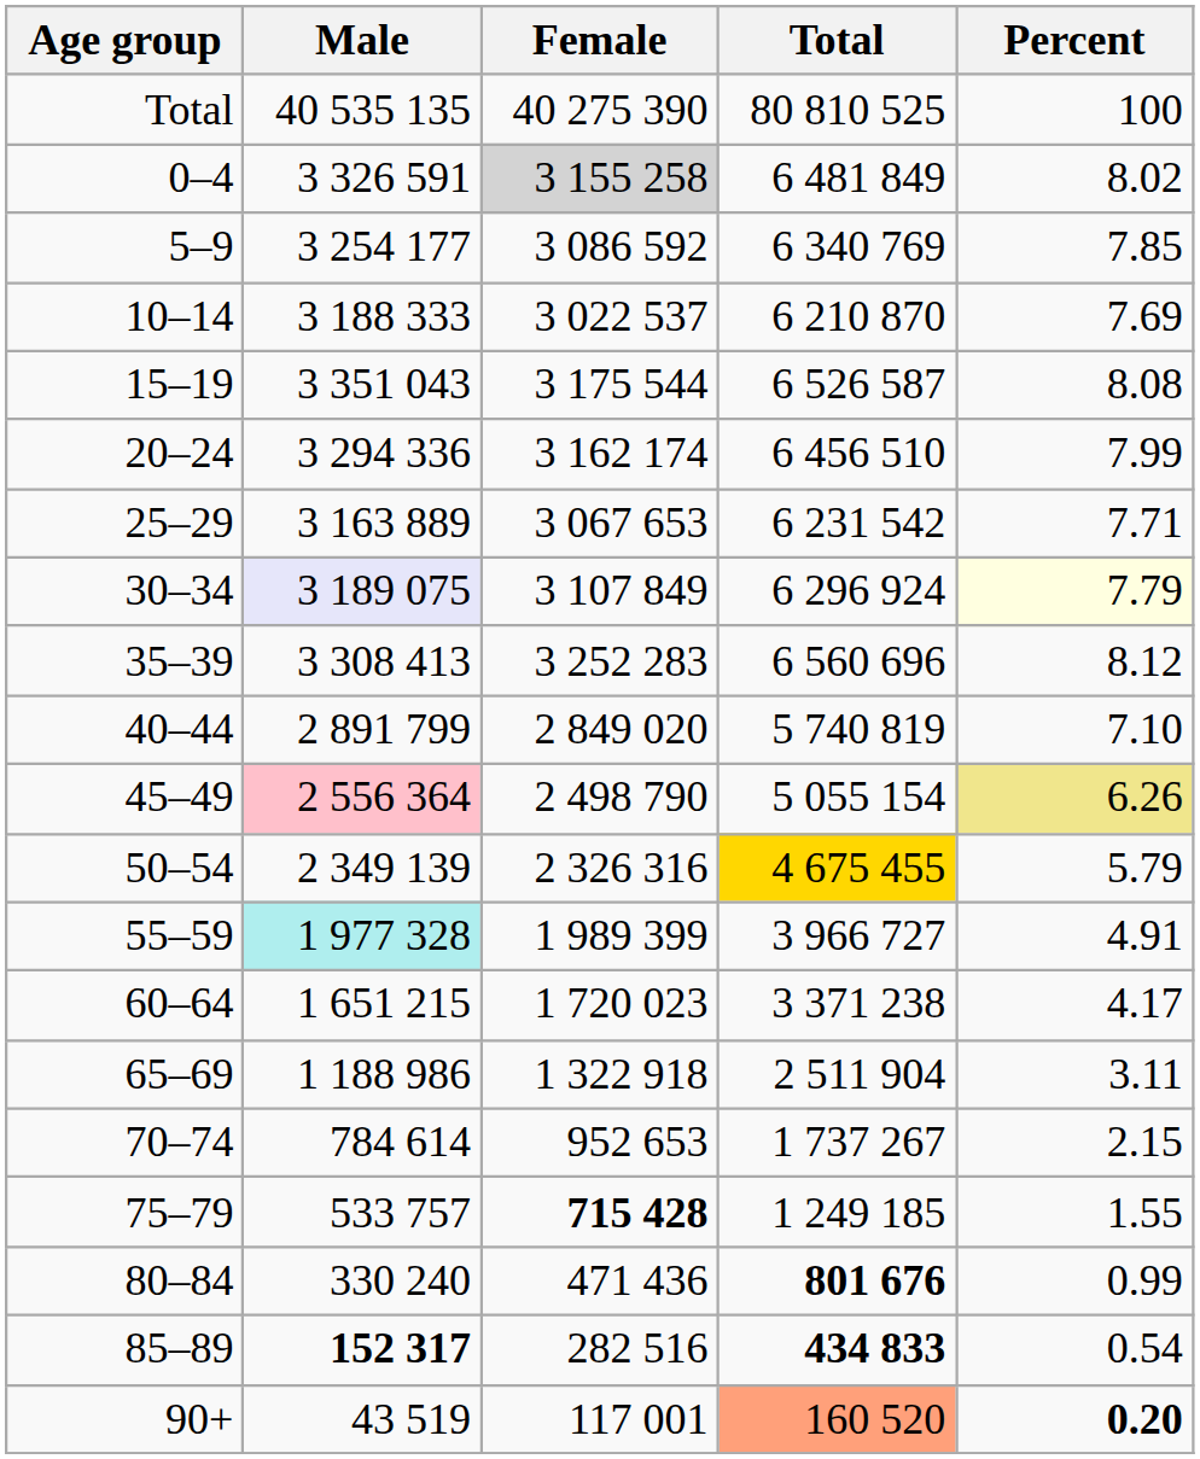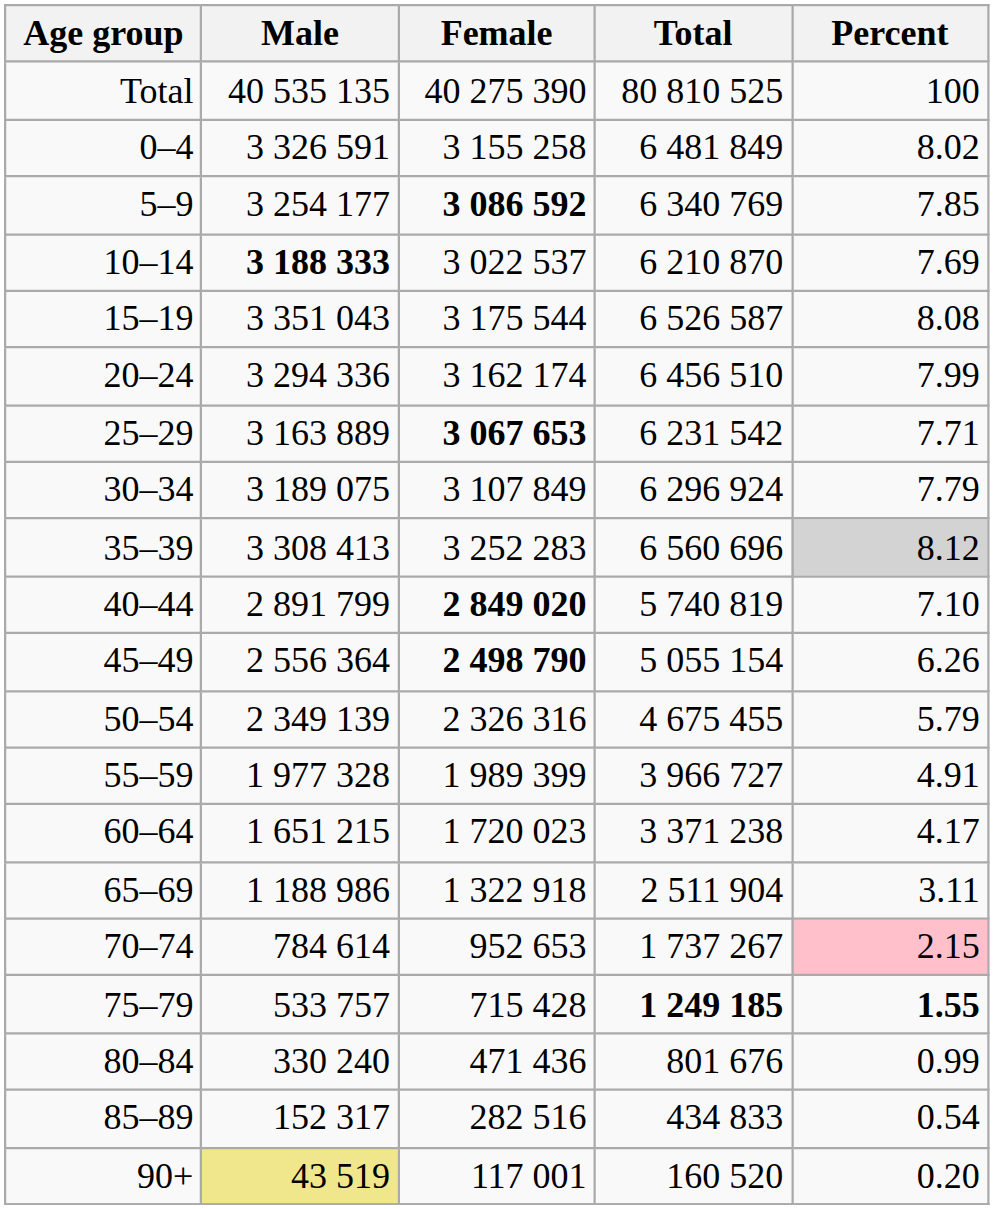 <table class="wikitable">
 <tr>
 <th width="80pt">Age group</th>
 <th width="80pt">Male</th>
 <th width="80pt">Female</th>
 <th width="80pt">Total</th>
 <th width="80pt">Percent</th>
 </tr>
 <tr>
 <td align="right">Total</td>
 <td align="right">40 535 135</td>
 <td align="right">40 275 390</td>
 <td align="right">80 810 525</td>
 <td align="right">100</td>
 </tr>
 <tr>
 <td align="right">0–4</td>
 <td align="right">3 326 591</td>
-<td align="right" style="background: lightgrey;">3 155 258</td>
+<td align="right">3 155 258</td>
 <td align="right">6 481 849</td>
 <td align="right">8.02</td>
 </tr>
 <tr>
 <td align="right">5–9</td>
 <td align="right">3 254 177</td>
-<td align="right">3 086 592</td>
+<td align="right"><strong>3 086 592</strong></td>
 <td align="right">6 340 769</td>
 <td align="right">7.85</td>
 </tr>
 <tr>
 <td align="right">10–14</td>
-<td align="right">3 188 333</td>
+<td align="right"><strong>3 188 333</strong></td>
 <td align="right">3 022 537</td>
 <td align="right">6 210 870</td>
 <td align="right">7.69</td>
 </tr>
 <tr>
 <td align="right">15–19</td>
 <td align="right">3 351 043</td>
 <td align="right">3 175 544</td>
 <td align="right">6 526 587</td>
 <td align="right">8.08</td>
 </tr>
 <tr>
 <td align="right">20–24</td>
 <td align="right">3 294 336</td>
 <td align="right">3 162 174</td>
 <td align="right">6 456 510</td>
 <td align="right">7.99</td>
 </tr>
 <tr>
 <td align="right">25–29</td>
 <td align="right">3 163 889</td>
-<td align="right">3 067 653</td>
+<td align="right"><strong>3 067 653</strong></td>
 <td align="right">6 231 542</td>
 <td align="right">7.71</td>
 </tr>
 <tr>
 <td align="right">30–34</td>
-<td align="right" style="background: lavender;">3 189 075</td>
+<td align="right">3 189 075</td>
 <td align="right">3 107 849</td>
 <td align="right">6 296 924</td>
-<td align="right" style="background: lightyellow;">7.79</td>
+<td align="right">7.79</td>
 </tr>
 <tr>
 <td align="right">35–39</td>
 <td align="right">3 308 413</td>
 <td align="right">3 252 283</td>
 <td align="right">6 560 696</td>
-<td align="right">8.12</td>
+<td align="right" style="background: lightgrey;">8.12</td>
 </tr>
 <tr>
 <td align="right">40–44</td>
 <td align="right">2 891 799</td>
-<td align="right">2 849 020</td>
+<td align="right"><strong>2 849 020</strong></td>
 <td align="right">5 740 819</td>
 <td align="right">7.10</td>
 </tr>
 <tr>
 <td align="right">45–49</td>
-<td align="right" style="background: pink;">2 556 364</td>
-<td align="right">2 498 790</td>
+<td align="right">2 556 364</td>
+<td align="right"><strong>2 498 790</strong></td>
 <td align="right">5 055 154</td>
-<td align="right" style="background: khaki;">6.26</td>
+<td align="right">6.26</td>
 </tr>
 <tr>
 <td align="right">50–54</td>
 <td align="right">2 349 139</td>
 <td align="right">2 326 316</td>
-<td align="right" style="background: gold;">4 675 455</td>
+<td align="right">4 675 455</td>
 <td align="right">5.79</td>
 </tr>
 <tr>
 <td align="right">55–59</td>
-<td align="right" style="background: paleturquoise;">1 977 328</td>
+<td align="right">1 977 328</td>
 <td align="right">1 989 399</td>
 <td align="right">3 966 727</td>
 <td align="right">4.91</td>
 </tr>
 <tr>
 <td align="right">60–64</td>
 <td align="right">1 651 215</td>
 <td align="right">1 720 023</td>
 <td align="right">3 371 238</td>
 <td align="right">4.17</td>
 </tr>
 <tr>
 <td align="right">65–69</td>
 <td align="right">1 188 986</td>
 <td align="right">1 322 918</td>
 <td align="right">2 511 904</td>
 <td align="right">3.11</td>
 </tr>
 <tr>
 <td align="right">70–74</td>
 <td align="right">784 614</td>
 <td align="right">952 653</td>
 <td align="right">1 737 267</td>
-<td align="right">2.15</td>
+<td align="right" style="background: pink;">2.15</td>
 </tr>
 <tr>
 <td align="right">75–79</td>
 <td align="right">533 757</td>
-<td align="right"><strong>715 428</strong></td>
-<td align="right">1 249 185</td>
-<td align="right">1.55</td>
+<td align="right">715 428</td>
+<td align="right"><strong>1 249 185</strong></td>
+<td align="right"><strong>1.55</strong></td>
 </tr>
 <tr>
 <td align="right">80–84</td>
 <td align="right">330 240</td>
 <td align="right">471 436</td>
-<td align="right"><strong>801 676</strong></td>
+<td align="right">801 676</td>
 <td align="right">0.99</td>
 </tr>
 <tr>
 <td align="right">85–89</td>
-<td align="right"><strong>152 317</strong></td>
+<td align="right">152 317</td>
 <td align="right">282 516</td>
-<td align="right"><strong>434 833</strong></td>
+<td align="right">434 833</td>
 <td align="right">0.54</td>
 </tr>
 <tr>
 <td align="right">90+</td>
-<td align="right">43 519</td>
+<td align="right" style="background: khaki;">43 519</td>
 <td align="right">117 001</td>
-<td align="right" style="background: lightsalmon;">160 520</td>
-<td align="right"><strong>0.20</strong></td>
+<td align="right">160 520</td>
+<td align="right">0.20</td>
 </tr>
 <tr>
 </tr>
 </table>
